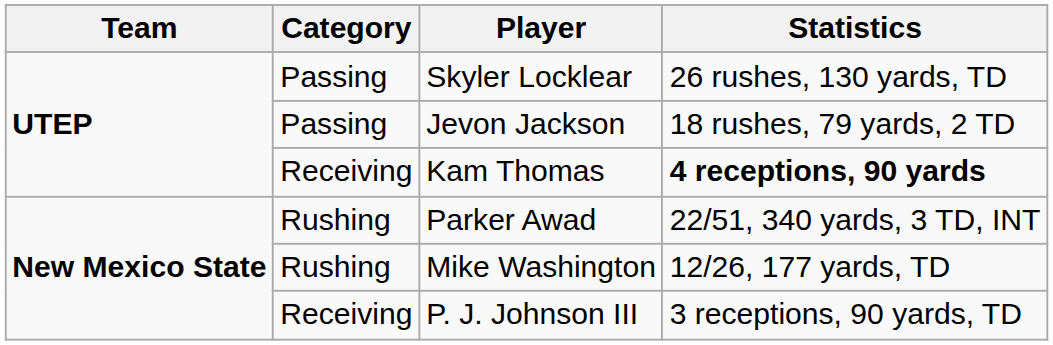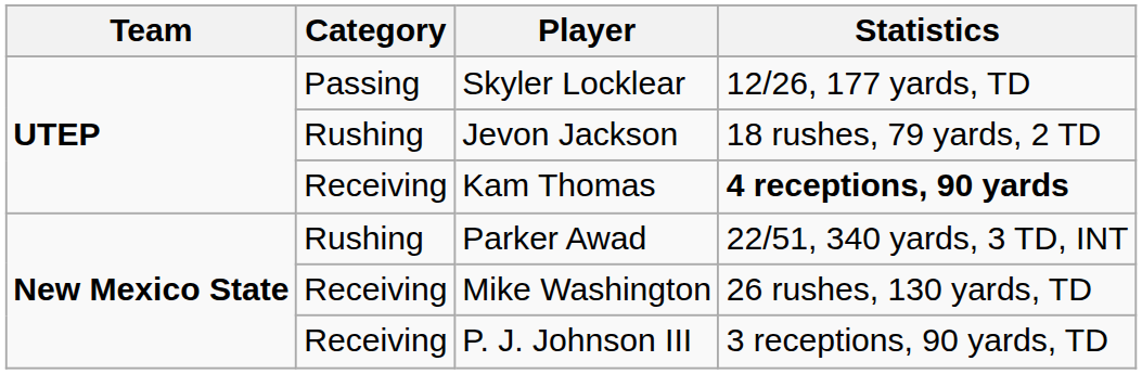 <table class="wikitable" style="float: right;">
 <tr>
 <th>Team</th>
 <th>Category</th>
 <th>Player</th>
 <th>Statistics</th>
 </tr>
 <tr>
 <td rowspan=3><strong>UTEP</strong></td>
 <td>Passing</td>
 <td>Skyler Locklear</td>
-<td>26 rushes, 130 yards, TD</td>
+<td>12/26, 177 yards, TD</td>
 </tr>
 <tr>
-<td>Passing</td>
+<td>Rushing</td>
 <td>Jevon Jackson</td>
 <td>18 rushes, 79 yards, 2 TD</td>
 </tr>
 <tr>
 <td>Receiving</td>
 <td>Kam Thomas</td>
 <td><strong>4 receptions, 90 yards</strong></td>
 </tr>
 <tr>
 <td rowspan=3><strong>New Mexico State</strong></td>
 <td>Rushing</td>
 <td>Parker Awad</td>
 <td>22/51, 340 yards, 3 TD, INT</td>
 </tr>
 <tr>
-<td>Rushing</td>
+<td>Receiving</td>
 <td>Mike Washington</td>
-<td>12/26, 177 yards, TD</td>
+<td>26 rushes, 130 yards, TD</td>
 </tr>
 <tr>
 <td>Receiving</td>
 <td>P. J. Johnson III</td>
 <td>3 receptions, 90 yards, TD</td>
 </tr>
 </table>
